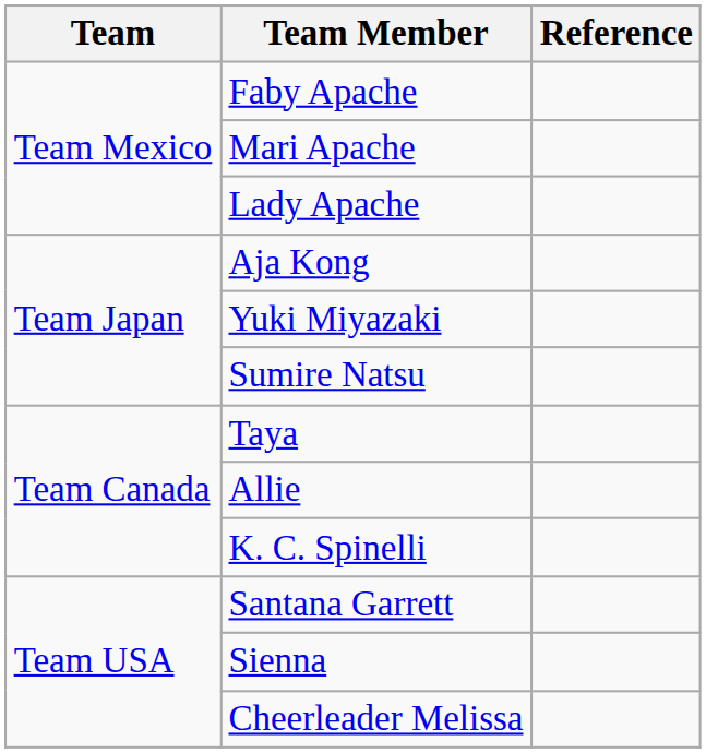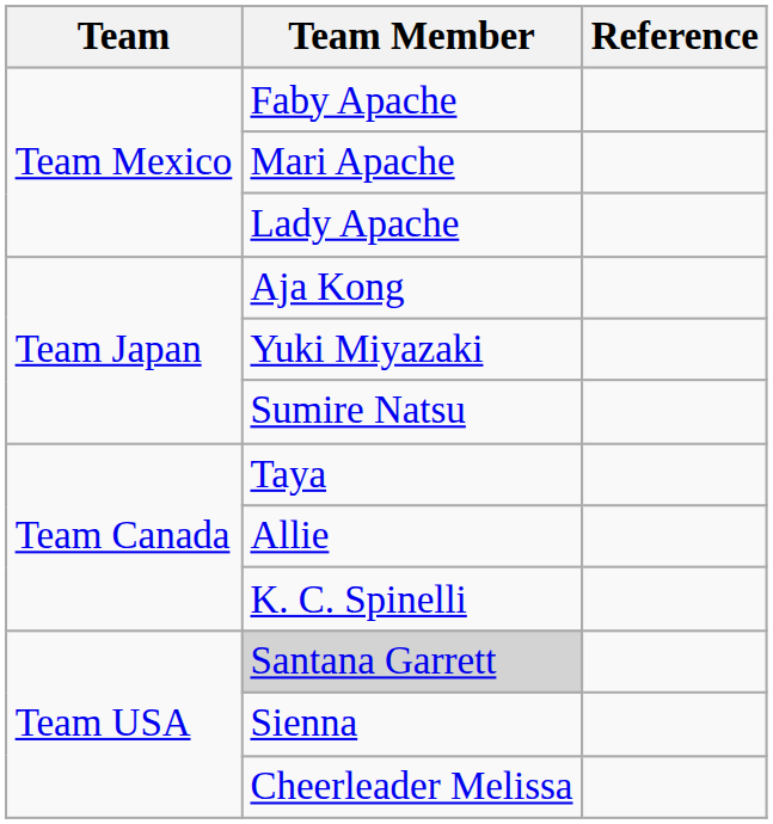 <table class="wikitable sortable">
 <tr>
 <th>Team</th>
 <th>Team Member</th>
 <th>Reference</th>
 </tr>
 <tr>
 <td rowspan="3"><a href='#'>Team Mexico</a></td>
 <td><a href='#'>Faby Apache</a></td>
 <td></td>
 </tr>
 <tr>
 <td><a href='#'>Mari Apache</a></td>
 <td></td>
 </tr>
 <tr>
 <td><a href='#'>Lady Apache</a></td>
 <td></td>
 </tr>
 <tr>
 <td rowspan="3"><a href='#'>Team Japan</a></td>
 <td><a href='#'>Aja Kong</a></td>
 <td></td>
 </tr>
 <tr>
 <td><a href='#'>Yuki Miyazaki</a></td>
 <td></td>
 </tr>
 <tr>
 <td><a href='#'>Sumire Natsu</a></td>
 <td></td>
 </tr>
 <tr>
 <td rowspan="3"><a href='#'>Team Canada</a></td>
 <td><a href='#'>Taya</a></td>
 <td></td>
 </tr>
 <tr>
 <td><a href='#'>Allie</a></td>
 <td></td>
 </tr>
 <tr>
 <td><a href='#'>K. C. Spinelli</a></td>
 <td></td>
 </tr>
 <tr>
 <td rowspan="3"><a href='#'>Team USA</a></td>
-<td><a href='#'>Santana Garrett</a></td>
+<td style="background: lightgrey;"><a href='#'>Santana Garrett</a></td>
 <td></td>
 </tr>
 <tr>
 <td><a href='#'>Sienna</a></td>
 <td></td>
 </tr>
 <tr>
 <td><a href='#'>Cheerleader Melissa</a></td>
 <td></td>
 </tr>
 </table>
